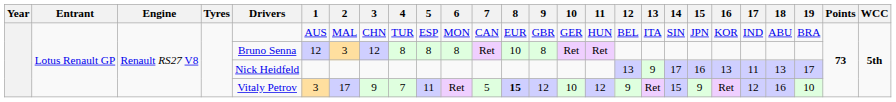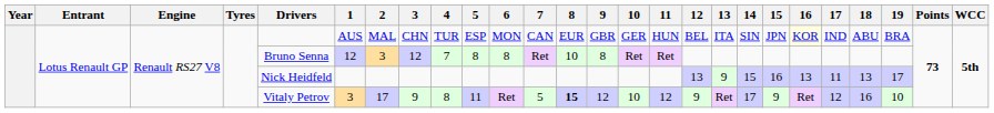 <table class="wikitable" style="text-align:center; font-size:95%">
 <tr>
 <th>Year</th>
 <th>Entrant</th>
 <th>Engine</th>
 <th>Tyres</th>
 <th>Drivers</th>
 <th>1</th>
 <th>2</th>
 <th>3</th>
 <th>4</th>
 <th>5</th>
 <th>6</th>
 <th>7</th>
 <th>8</th>
 <th>9</th>
 <th>10</th>
 <th>11</th>
 <th>12</th>
 <th>13</th>
 <th>14</th>
 <th>15</th>
 <th>16</th>
 <th>17</th>
 <th>18</th>
 <th>19</th>
 <th>Points</th>
 <th>WCC</th>
 </tr>
 <tr>
 <th rowspan=4></th>
 <td rowspan=4><a href='#'>Lotus Renault GP</a></td>
 <td rowspan=4><a href='#'>Renault</a> <em>RS27</em> <a href='#'>V8</a></td>
 <td rowspan=4></td>
 <td></td>
 <td><a href='#'>AUS</a></td>
 <td><a href='#'>MAL</a></td>
 <td><a href='#'>CHN</a></td>
 <td><a href='#'>TUR</a></td>
 <td><a href='#'>ESP</a></td>
 <td><a href='#'>MON</a></td>
 <td><a href='#'>CAN</a></td>
 <td><a href='#'>EUR</a></td>
 <td><a href='#'>GBR</a></td>
 <td><a href='#'>GER</a></td>
 <td><a href='#'>HUN</a></td>
 <td><a href='#'>BEL</a></td>
 <td><a href='#'>ITA</a></td>
 <td><a href='#'>SIN</a></td>
 <td><a href='#'>JPN</a></td>
-<td><a href='#'>KOR</a></td>
+<td style="background: lightyellow;"><a href='#'>KOR</a></td>
 <td><a href='#'>IND</a></td>
 <td><a href='#'>ABU</a></td>
 <td><a href='#'>BRA</a></td>
 <td rowspan=4><strong>73</strong></td>
 <td rowspan=4><strong>5th</strong></td>
 </tr>
 <tr>
 <td><a href='#'>Bruno Senna</a></td>
 <td style="background:#cfcfff;">12</td>
 <td style="background:#ffdf9f;">3</td>
 <td style="background:#cfcfff;">12</td>
-<td style="background:#dfffdf;">8</td>
+<td style="background:#dfffdf;">7</td>
 <td style="background:#dfffdf;">8</td>
 <td style="background:#dfffdf;">8</td>
 <td style="background:#efcfff;">Ret</td>
 <td style="background:#dfffdf;">10</td>
 <td style="background:#dfffdf;">8</td>
 <td style="background:#efcfff;">Ret</td>
 <td style="background:#efcfff;">Ret</td>
 <td></td>
 <td></td>
 <td></td>
 <td></td>
 <td></td>
 <td></td>
 <td></td>
 <td></td>
 </tr>
 <tr>
 <td><a href='#'>Nick Heidfeld</a></td>
 <td></td>
 <td></td>
 <td></td>
 <td></td>
 <td></td>
 <td></td>
 <td></td>
 <td></td>
 <td></td>
 <td></td>
 <td></td>
 <td style="background:#cfcfff;">13</td>
 <td style="background:#dfffdf;">9</td>
-<td style="background:#cfcfff;">17</td>
+<td style="background:#cfcfff;">15</td>
 <td style="background:#cfcfff;">16</td>
 <td style="background:#cfcfff;">13</td>
 <td style="background:#cfcfff;">11</td>
 <td style="background:#cfcfff;">13</td>
 <td style="background:#cfcfff;">17</td>
 </tr>
 <tr>
 <td><a href='#'>Vitaly Petrov</a></td>
 <td style="background:#ffdf9f;">3</td>
 <td style="background:#cfcfff;">17 </td>
 <td style="background:#dfffdf;">9</td>
-<td style="background:#dfffdf;">7</td>
+<td style="background:#dfffdf;">8</td>
 <td style="background:#cfcfff;">11</td>
 <td style="background:#efcfff;">Ret</td>
 <td style="background:#dfffdf;">5</td>
 <td style="background:#cfcfff;"><strong>15</strong></td>
 <td style="background:#cfcfff;">12</td>
 <td style="background:#dfffdf;">10</td>
 <td style="background:#cfcfff;">12</td>
 <td style="background:#dfffdf;">9</td>
 <td style="background:#efcfff;">Ret</td>
-<td style="background:#cfcfff;">15</td>
+<td style="background:#cfcfff;">17</td>
 <td style="background:#dfffdf;">9</td>
 <td style="background:#efcfff;">Ret</td>
 <td style="background:#cfcfff;">12</td>
 <td style="background:#cfcfff;">16</td>
 <td style="background:#dfffdf;">10</td>
 </tr>
 </table>
